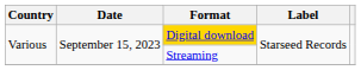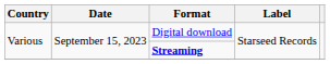 <table class="wikitable">
 <tr>
 <th>Country</th>
 <th>Date</th>
 <th>Format</th>
 <th>Label</th>
 <th></th>
 </tr>
 <tr>
 <td rowspan="2">Various</td>
 <td rowspan="2">September 15, 2023</td>
-<td style="background: gold;"><a href='#'>Digital download</a></td>
+<td><a href='#'>Digital download</a></td>
 <td rowspan="2">Starseed Records</td>
 <td rowspan="2"></td>
 </tr>
 <tr>
-<td><a href='#'>Streaming</a></td>
+<td><strong><a href='#'>Streaming</a></strong></td>
 </tr>
 <tr>
 </tr>
 </table>
